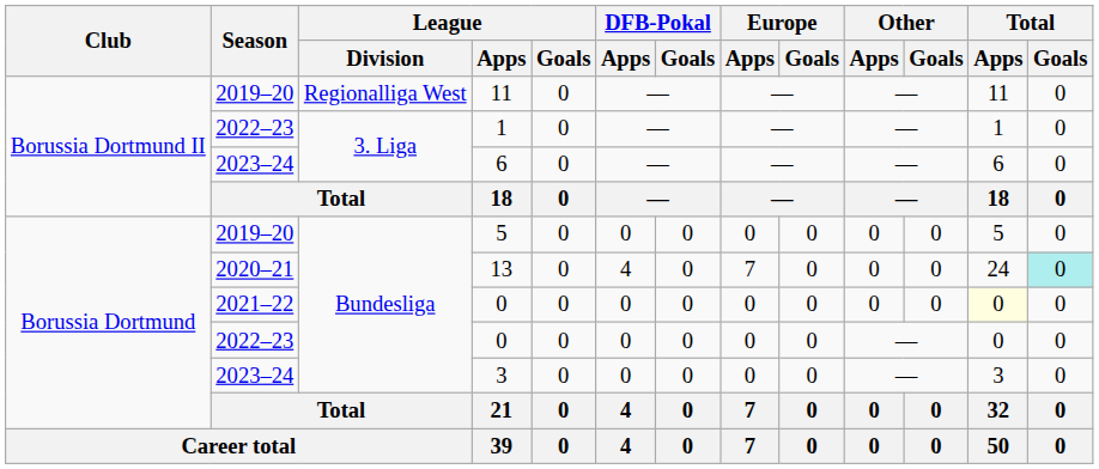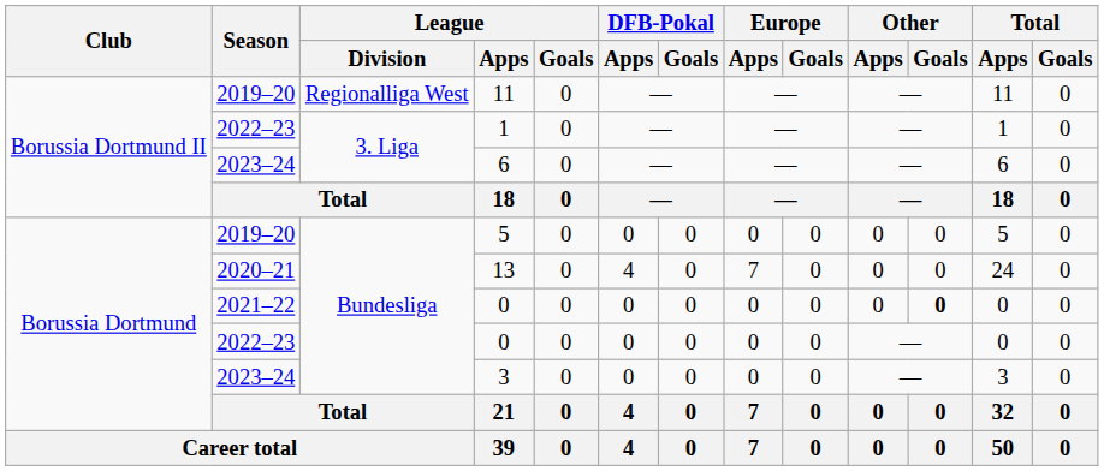 <table class="wikitable" style="text-align: center">
 <tr>
 <th rowspan="2">Club</th>
 <th rowspan="2">Season</th>
 <th colspan="3">League</th>
 <th colspan="2"><a href='#'>DFB-Pokal</a></th>
 <th colspan="2">Europe</th>
 <th colspan="2">Other</th>
 <th colspan="2">Total</th>
 </tr>
 <tr>
 <th>Division</th>
 <th>Apps</th>
 <th>Goals</th>
 <th>Apps</th>
 <th>Goals</th>
 <th>Apps</th>
 <th>Goals</th>
 <th>Apps</th>
 <th>Goals</th>
 <th>Apps</th>
 <th>Goals</th>
 </tr>
 <tr>
 <td rowspan="4"><a href='#'>Borussia Dortmund II</a></td>
 <td><a href='#'>2019–20</a></td>
 <td><a href='#'>Regionalliga West</a></td>
 <td>11</td>
 <td>0</td>
 <td colspan="2">—</td>
 <td colspan="2">—</td>
 <td colspan="2">—</td>
 <td>11</td>
 <td>0</td>
 </tr>
 <tr>
 <td><a href='#'>2022–23</a></td>
 <td rowspan="2"><a href='#'>3. Liga</a></td>
 <td>1</td>
 <td>0</td>
 <td colspan="2">—</td>
 <td colspan="2">—</td>
 <td colspan="2">—</td>
 <td>1</td>
 <td>0</td>
 </tr>
 <tr>
 <td><a href='#'>2023–24</a></td>
 <td>6</td>
 <td>0</td>
 <td colspan="2">—</td>
 <td colspan="2">—</td>
 <td colspan="2">—</td>
 <td>6</td>
 <td>0</td>
 </tr>
 <tr>
 <th colspan="2">Total</th>
 <th>18</th>
 <th>0</th>
 <th colspan="2">—</th>
 <th colspan="2">—</th>
 <th colspan="2">—</th>
 <th>18</th>
 <th>0</th>
 </tr>
 <tr>
 <td rowspan="6"><a href='#'>Borussia Dortmund</a></td>
 <td><a href='#'>2019–20</a></td>
 <td rowspan="5"><a href='#'>Bundesliga</a></td>
 <td>5</td>
 <td>0</td>
 <td>0</td>
 <td>0</td>
 <td>0</td>
 <td>0</td>
 <td>0</td>
 <td>0</td>
 <td>5</td>
 <td>0</td>
 </tr>
 <tr>
 <td><a href='#'>2020–21</a></td>
 <td>13</td>
 <td>0</td>
 <td>4</td>
 <td>0</td>
 <td>7</td>
 <td>0</td>
 <td>0</td>
 <td>0</td>
 <td>24</td>
-<td style="background: paleturquoise;">0</td>
+<td>0</td>
 </tr>
 <tr>
 <td><a href='#'>2021–22</a></td>
 <td>0</td>
 <td>0</td>
 <td>0</td>
 <td>0</td>
 <td>0</td>
 <td>0</td>
 <td>0</td>
+<td><strong>0</strong></td>
 <td>0</td>
-<td style="background: lightyellow;">0</td>
 <td>0</td>
 </tr>
 <tr>
 <td><a href='#'>2022–23</a></td>
 <td>0</td>
 <td>0</td>
 <td>0</td>
 <td>0</td>
 <td>0</td>
 <td>0</td>
 <td colspan="2">—</td>
 <td>0</td>
 <td>0</td>
 </tr>
 <tr>
 <td><a href='#'>2023–24</a></td>
 <td>3</td>
 <td>0</td>
 <td>0</td>
 <td>0</td>
 <td>0</td>
 <td>0</td>
 <td colspan="2">—</td>
 <td>3</td>
 <td>0</td>
 </tr>
 <tr>
 <th colspan="2">Total</th>
 <th>21</th>
 <th>0</th>
 <th>4</th>
 <th>0</th>
 <th>7</th>
 <th>0</th>
 <th>0</th>
 <th>0</th>
 <th>32</th>
 <th>0</th>
 </tr>
 <tr>
 <th colspan="3">Career total</th>
 <th>39</th>
 <th>0</th>
 <th>4</th>
 <th>0</th>
 <th>7</th>
 <th>0</th>
 <th>0</th>
 <th>0</th>
 <th>50</th>
 <th>0</th>
 </tr>
 </table>
